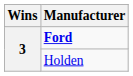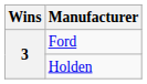 <table class="wikitable" style="font-size: 95%;">
 <tr>
 <th>Wins</th>
 <th>Manufacturer</th>
 </tr>
 <tr>
 <th rowspan="2">3</th>
-<td><strong><a href='#'>Ford</a></strong></td>
+<td><a href='#'>Ford</a></td>
 </tr>
 <tr>
 <td><a href='#'>Holden</a></td>
 </tr>
 </table>
